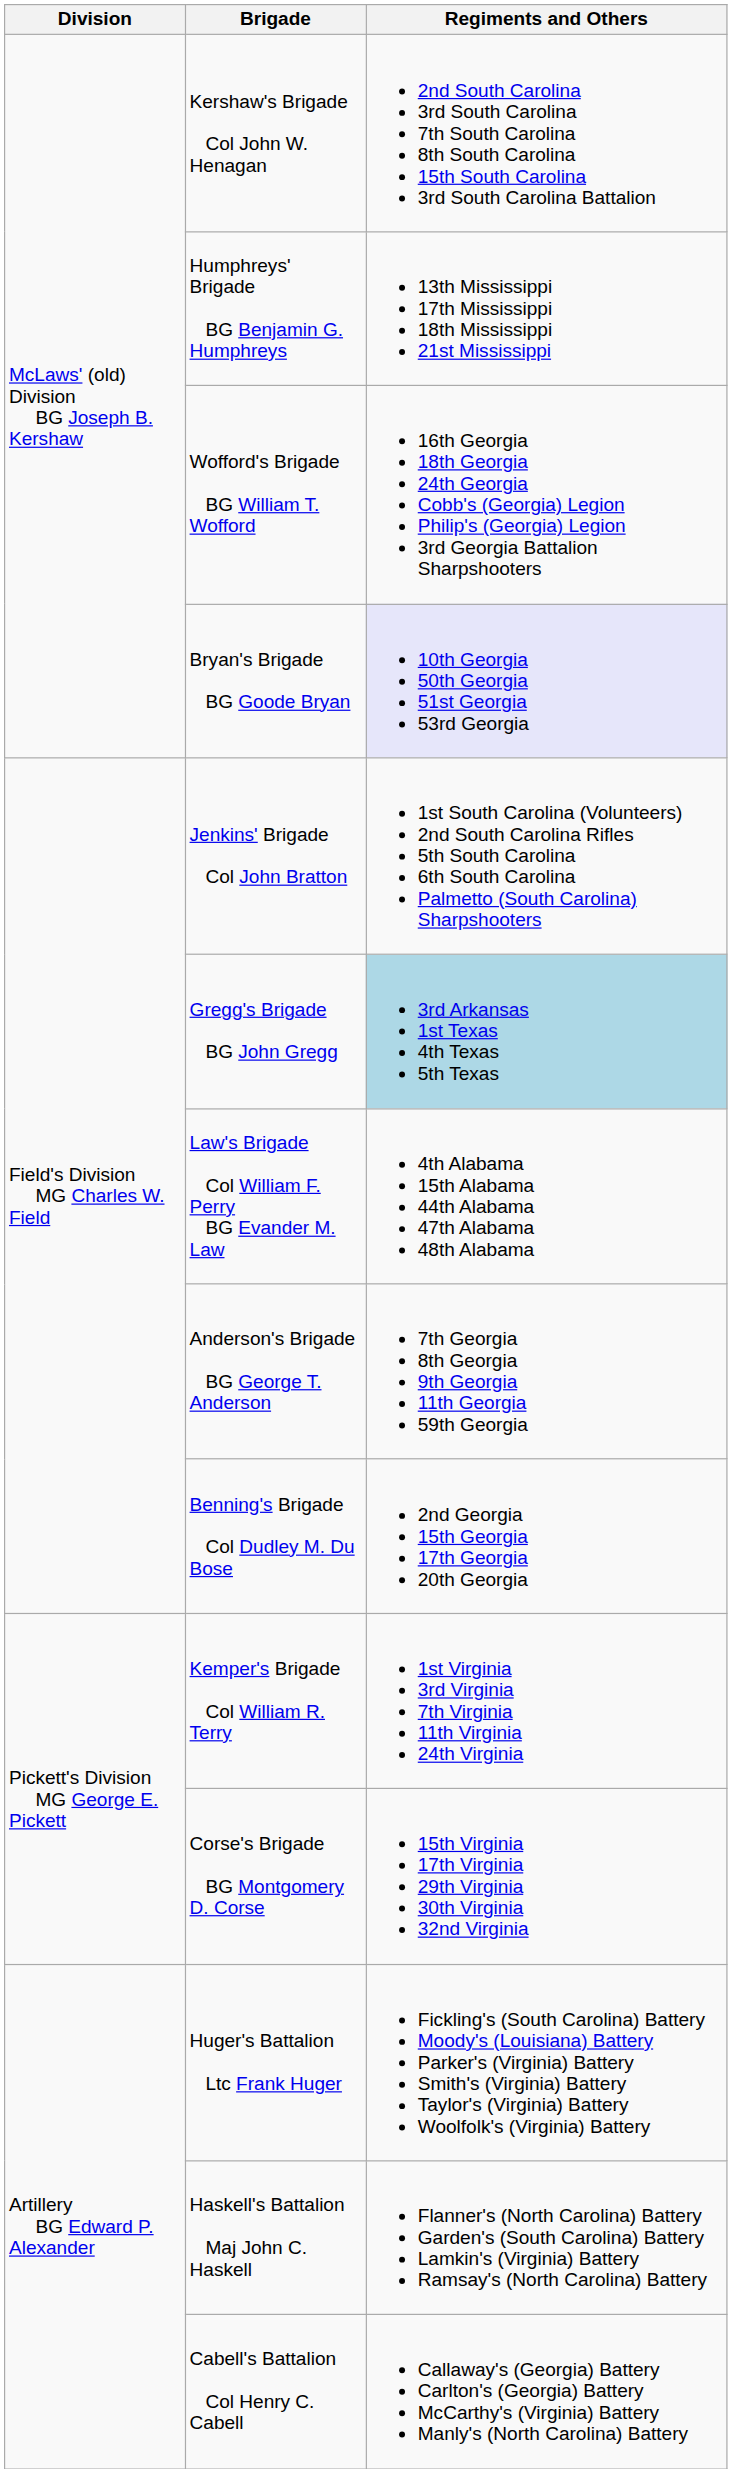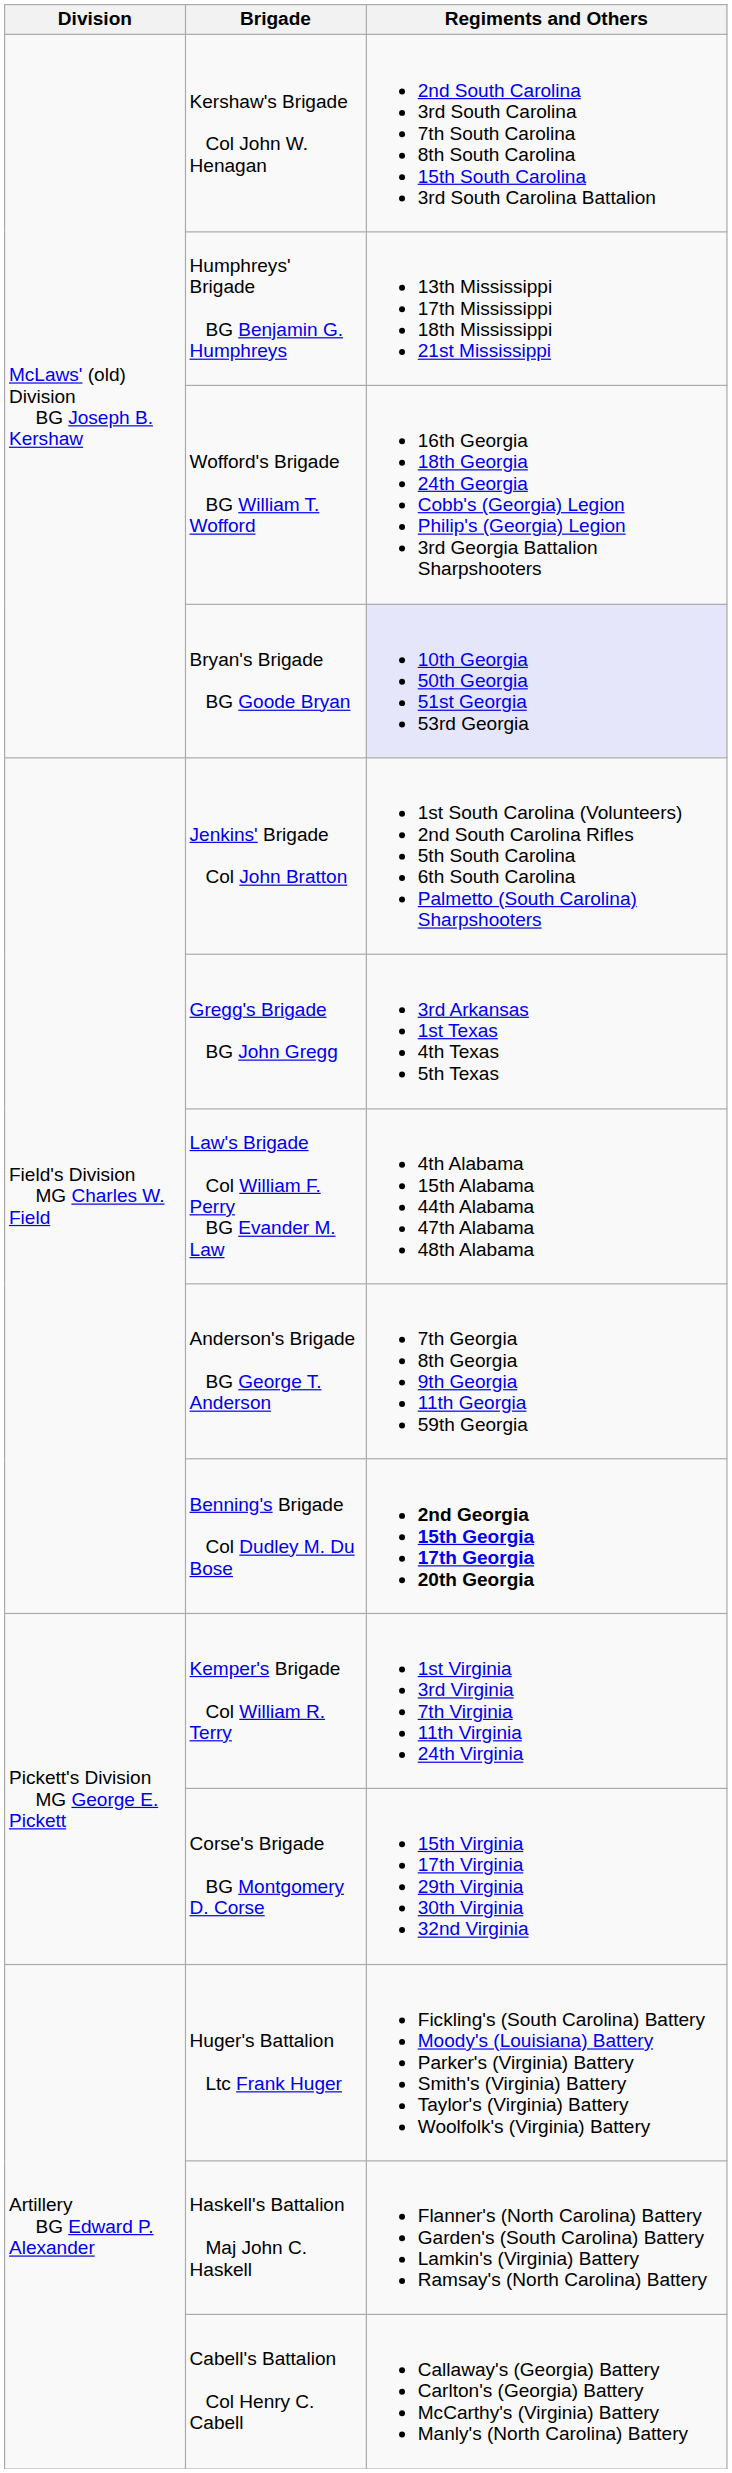 <table class="wikitable">
 <tr>
 <th width=25%>Division</th>
 <th width=25%>Brigade</th>
 <th>Regiments and Others</th>
 </tr>
 <tr>
 <td rowspan=4><br><a href='#'>McLaws'</a> (old) Division <br>     BG <a href='#'>Joseph B. Kershaw</a></td>
 <td>Kershaw's Brigade<br><br>   Col John W. Henagan</td>
 <td><br><ul><li><a href='#'>2nd South Carolina</a></li><li>3rd South Carolina</li><li>7th South Carolina</li><li>8th South Carolina</li><li><a href='#'>15th South Carolina</a></li><li>3rd South Carolina Battalion</li></ul></td>
 </tr>
 <tr>
 <td>Humphreys' Brigade<br><br>   BG <a href='#'>Benjamin G. Humphreys</a></td>
 <td><br><ul><li>13th Mississippi</li><li>17th Mississippi</li><li>18th Mississippi</li><li><a href='#'>21st Mississippi</a></li></ul></td>
 </tr>
 <tr>
 <td>Wofford's Brigade<br><br>   BG <a href='#'>William T. Wofford</a></td>
 <td><br><ul><li>16th Georgia</li><li><a href='#'>18th Georgia</a></li><li><a href='#'>24th Georgia</a></li><li><a href='#'>Cobb's (Georgia) Legion</a></li><li><a href='#'>Philip's (Georgia) Legion</a></li><li>3rd Georgia Battalion Sharpshooters</li></ul></td>
 </tr>
 <tr>
 <td>Bryan's Brigade<br><br>   BG <a href='#'>Goode Bryan</a></td>
 <td style="background: lavender;"><br><ul><li><a href='#'>10th Georgia</a></li><li><a href='#'>50th Georgia</a></li><li><a href='#'>51st Georgia</a></li><li>53rd Georgia</li></ul></td>
 </tr>
 <tr>
 <td rowspan=5><br>Field's Division <br>     MG <a href='#'>Charles W. Field</a></td>
 <td><a href='#'>Jenkins'</a> Brigade<br><br>   Col <a href='#'>John Bratton</a></td>
 <td><br><ul><li>1st South Carolina (Volunteers)</li><li>2nd South Carolina Rifles</li><li>5th South Carolina</li><li>6th South Carolina</li><li><a href='#'>Palmetto (South Carolina) Sharpshooters</a></li></ul></td>
 </tr>
 <tr>
 <td><a href='#'>Gregg's Brigade</a><br><br>   BG <a href='#'>John Gregg</a></td>
-<td style="background: lightblue;"><br><ul><li><a href='#'>3rd Arkansas</a></li><li><a href='#'>1st Texas</a></li><li>4th Texas</li><li>5th Texas</li></ul></td>
+<td><br><ul><li><a href='#'>3rd Arkansas</a></li><li><a href='#'>1st Texas</a></li><li>4th Texas</li><li>5th Texas</li></ul></td>
 </tr>
 <tr>
 <td><a href='#'>Law's Brigade</a><br><br>   Col <a href='#'>William F. Perry</a> <br>   BG <a href='#'>Evander M. Law</a></td>
 <td><br><ul><li>4th Alabama</li><li>15th Alabama</li><li>44th Alabama</li><li>47th Alabama</li><li>48th Alabama</li></ul></td>
 </tr>
 <tr>
 <td>Anderson's Brigade<br><br>   BG <a href='#'>George T. Anderson</a></td>
 <td><br><ul><li>7th Georgia</li><li>8th Georgia</li><li><a href='#'>9th Georgia</a></li><li><a href='#'>11th Georgia</a></li><li>59th Georgia</li></ul></td>
 </tr>
 <tr>
 <td><a href='#'>Benning's</a> Brigade<br><br>   Col <a href='#'>Dudley M. Du Bose</a></td>
-<td><br><ul><li>2nd Georgia</li><li><a href='#'>15th Georgia</a></li><li><a href='#'>17th Georgia</a></li><li>20th Georgia</li></ul></td>
+<td><strong><br><ul><li>2nd Georgia</li><li><a href='#'>15th Georgia</a></li><li><a href='#'>17th Georgia</a></li><li>20th Georgia</li></ul></strong></td>
 </tr>
 <tr>
 <td rowspan=2><br>Pickett's Division <br>     MG <a href='#'>George E. Pickett</a></td>
 <td><a href='#'>Kemper's</a> Brigade<br><br>   Col <a href='#'>William R. Terry</a></td>
 <td><br><ul><li><a href='#'>1st Virginia</a></li><li><a href='#'>3rd Virginia</a></li><li><a href='#'>7th Virginia</a></li><li><a href='#'>11th Virginia</a></li><li><a href='#'>24th Virginia</a></li></ul></td>
 </tr>
 <tr>
 <td>Corse's Brigade<br><br>   BG <a href='#'>Montgomery D. Corse</a></td>
 <td><br><ul><li><a href='#'>15th Virginia</a></li><li><a href='#'>17th Virginia</a></li><li><a href='#'>29th Virginia</a></li><li><a href='#'>30th Virginia</a></li><li><a href='#'>32nd Virginia</a></li></ul></td>
 </tr>
 <tr>
 <td rowspan=3><br>Artillery <br>     BG <a href='#'>Edward P. Alexander</a></td>
 <td>Huger's Battalion<br><br>   Ltc <a href='#'>Frank Huger</a></td>
 <td><br><ul><li>Fickling's (South Carolina) Battery</li><li><a href='#'>Moody's (Louisiana) Battery</a></li><li>Parker's (Virginia) Battery</li><li>Smith's (Virginia) Battery</li><li>Taylor's (Virginia) Battery</li><li>Woolfolk's (Virginia) Battery</li></ul></td>
 </tr>
 <tr>
 <td>Haskell's Battalion<br><br>   Maj John C. Haskell</td>
 <td><br><ul><li>Flanner's (North Carolina) Battery</li><li>Garden's (South Carolina) Battery</li><li>Lamkin's (Virginia) Battery</li><li>Ramsay's (North Carolina) Battery</li></ul></td>
 </tr>
 <tr>
 <td>Cabell's Battalion<br><br>   Col Henry C. Cabell</td>
 <td><br><ul><li>Callaway's (Georgia) Battery</li><li>Carlton's (Georgia) Battery</li><li>McCarthy's (Virginia) Battery</li><li>Manly's (North Carolina) Battery</li></ul></td>
 </tr>
 </table>
